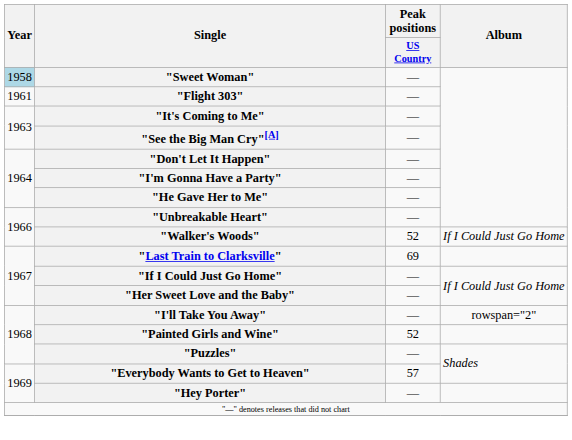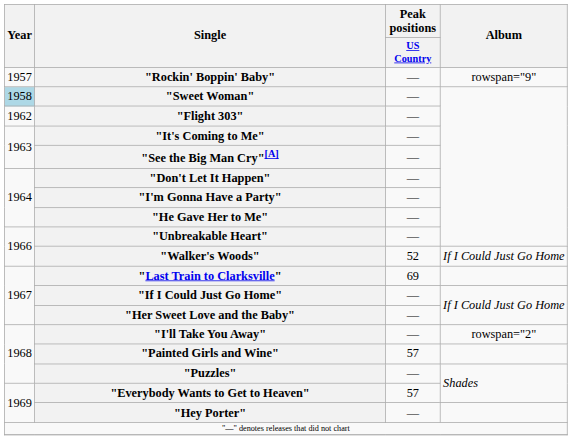 <table class="wikitable plainrowheaders" style="text-align:center;">
 <tr>
 <th rowspan="2">Year</th>
 <th rowspan="2" style="width:28em;">Single</th>
 <th>Peak positions</th>
 <th rowspan="2">Album</th>
 </tr>
 <tr style="font-size:smaller;">
 <th width="65"><a href='#'>US Country</a></th>
 </tr>
 <tr>
+<td>1957</td>
+<th scope="row">"Rockin' Boppin' Baby"</th>
+<td>—</td>
+<td>rowspan="9" </td>
+</tr>
+<tr>
 <td style="background: lightblue;">1958</td>
 <th scope="row">"Sweet Woman"</th>
 <td>—</td>
 </tr>
 <tr>
-<td>1961</td>
+<td>1962</td>
 <th scope="row">"Flight 303"</th>
 <td>—</td>
 </tr>
 <tr>
 <td rowspan="2">1963</td>
 <th scope="row">"It's Coming to Me"</th>
 <td>—</td>
 </tr>
 <tr>
 <th scope="row">"See the Big Man Cry"<sup><span></span><a href='#'><strong>[A]</strong></a></sup></th>
 <td>—</td>
 </tr>
 <tr>
 <td rowspan="3">1964</td>
 <th scope="row">"Don't Let It Happen"</th>
 <td>—</td>
 </tr>
 <tr>
 <th scope="row">"I'm Gonna Have a Party"</th>
 <td>—</td>
 </tr>
 <tr>
 <th scope="row">"He Gave Her to Me"</th>
 <td>—</td>
 </tr>
 <tr>
 <td rowspan="2">1966</td>
 <th scope="row">"Unbreakable Heart"</th>
 <td>—</td>
 </tr>
 <tr>
 <th scope="row">"Walker's Woods"</th>
 <td>52</td>
 <td align="left"><em>If I Could Just Go Home</em></td>
 </tr>
 <tr>
 <td rowspan="3">1967</td>
 <th scope="row">"<a href='#'>Last Train to Clarksville</a>"</th>
 <td>69</td>
 <td></td>
 </tr>
 <tr>
 <th scope="row">"If I Could Just Go Home"</th>
 <td>—</td>
 <td align="left" rowspan="2"><em>If I Could Just Go Home</em></td>
 </tr>
 <tr>
 <th scope="row">"Her Sweet Love and the Baby"</th>
 <td>—</td>
 </tr>
 <tr>
 <td rowspan="3">1968</td>
 <th scope="row">"I'll Take You Away"</th>
 <td>—</td>
 <td>rowspan="2" </td>
 </tr>
 <tr>
 <th scope="row">"Painted Girls and Wine"</th>
-<td>52</td>
+<td>57</td>
 </tr>
 <tr>
 <th scope="row">"Puzzles"</th>
 <td>—</td>
 <td align="left" rowspan="2"><em>Shades</em></td>
 </tr>
 <tr>
 <td rowspan="2">1969</td>
 <th scope="row">"Everybody Wants to Get to Heaven"</th>
 <td>57</td>
 </tr>
 <tr>
 <th scope="row">"Hey Porter"</th>
 <td>—</td>
 <td></td>
 </tr>
 <tr>
 <td colspan="4" style="font-size: 8pt">"—" denotes releases that did not chart</td>
 </tr>
 <tr>
 </tr>
 </table>
